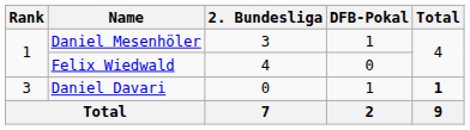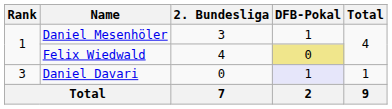 <table class="wikitable" style="text-align: center;">
 <tr>
 <th>Rank</th>
 <th>Name</th>
 <th>2. Bundesliga</th>
 <th>DFB-Pokal</th>
 <th>Total</th>
 </tr>
 <tr>
 <td rowspan=2>1</td>
 <td align=left> <a href='#'>Daniel Mesenhöler</a></td>
 <td>3</td>
 <td>1</td>
 <td rowspan=2>4</td>
 </tr>
 <tr>
 <td align=left> <a href='#'>Felix Wiedwald</a></td>
 <td>4</td>
-<td>0</td>
+<td style="background: khaki;">0</td>
 </tr>
 <tr>
 <td>3</td>
 <td align=left> <a href='#'>Daniel Davari</a></td>
 <td>0</td>
+<td style="background: lavender;">1</td>
 <td>1</td>
-<td><strong>1</strong></td>
 </tr>
 <tr>
 <th colspan=2>Total</th>
 <th>7</th>
 <th>2</th>
 <th>9</th>
 </tr>
 </table>
